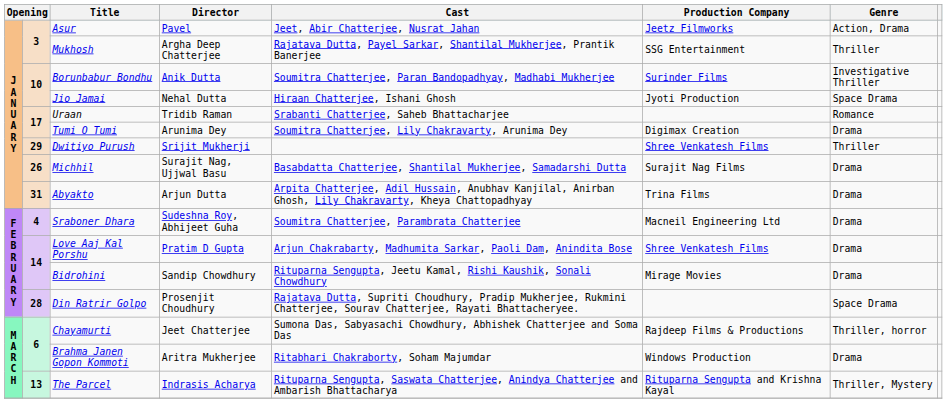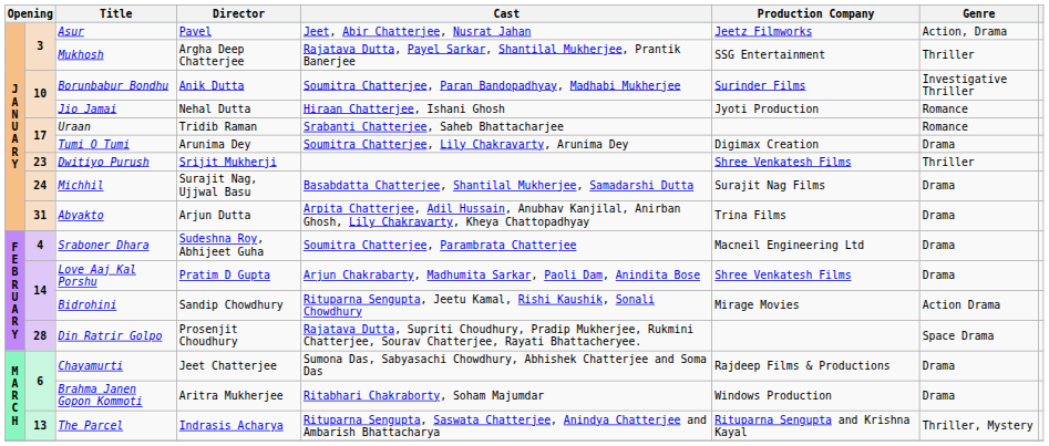 <table class="wikitable sortable">
 <tr style="background:#b0e0e6; text-align:center;">
 <th colspan="2"><strong>Opening</strong></th>
 <th><strong>Title</strong></th>
 <th><strong>Director</strong></th>
 <th><strong>Cast</strong></th>
 <th style="width:20%;"><strong>Production Company</strong></th>
 <th><strong>Genre</strong></th>
 <th><strong></strong></th>
 </tr>
 <tr January>
 <td rowspan="9" style="text-align:center; background:#f7bf87; textcolor:#000;"><strong>J<br>A<br>N<br>U<br>A<br>R<br>Y</strong></td>
 <td rowspan="2" style="text-align:center;background:#f7dfc7;"><strong>3</strong></td>
 <td><em><a href='#'>Asur</a></em></td>
 <td><a href='#'>Pavel</a></td>
 <td><a href='#'>Jeet</a>, <a href='#'>Abir Chatterjee</a>, <a href='#'>Nusrat Jahan</a></td>
 <td><a href='#'>Jeetz Filmworks</a></td>
 <td>Action, Drama</td>
 <td></td>
 </tr>
 <tr>
 <td><em><a href='#'>Mukhosh</a></em></td>
 <td>Argha Deep Chatterjee</td>
 <td><a href='#'>Rajatava Dutta</a>, <a href='#'>Payel Sarkar</a>, <a href='#'>Shantilal Mukherjee</a>, Prantik Banerjee</td>
 <td>SSG Entertainment</td>
 <td>Thriller</td>
 <td></td>
 </tr>
 <tr>
 <td rowspan="2" style="text-align:center;background:#f7dfc7;"><strong>10</strong></td>
 <td><em><a href='#'>Borunbabur Bondhu</a></em></td>
 <td><a href='#'>Anik Dutta</a></td>
 <td><a href='#'>Soumitra Chatterjee</a>, <a href='#'>Paran Bandopadhyay</a>, <a href='#'>Madhabi Mukherjee</a></td>
 <td><a href='#'>Surinder Films</a></td>
 <td>Investigative Thriller</td>
 <td></td>
 </tr>
 <tr>
 <td><em><a href='#'>Jio Jamai</a></em></td>
 <td>Nehal Dutta</td>
 <td><a href='#'>Hiraan Chatterjee</a>, Ishani Ghosh</td>
 <td>Jyoti Production</td>
-<td>Space Drama</td>
+<td>Romance</td>
 <td></td>
 </tr>
 <tr>
 <td rowspan="2" style="text-align:center;background:#f7dfc7;"><strong>17</strong></td>
 <td><em>Uraan</em></td>
 <td>Tridib Raman</td>
 <td><a href='#'>Srabanti Chatterjee</a>, Saheb Bhattacharjee</td>
 <td></td>
 <td>Romance</td>
 <td></td>
 </tr>
 <tr>
 <td><em><a href='#'>Tumi O Tumi</a></em></td>
 <td>Arunima Dey</td>
 <td><a href='#'>Soumitra Chatterjee</a>, <a href='#'>Lily Chakravarty</a>, Arunima Dey</td>
 <td>Digimax Creation</td>
 <td>Drama</td>
 <td></td>
 </tr>
 <tr>
-<td style="text-align:center;background:#f7dfc7;"><strong>29</strong></td>
+<td style="text-align:center;background:#f7dfc7;"><strong>23</strong></td>
 <td><em><a href='#'>Dwitiyo Purush</a></em></td>
 <td><a href='#'>Srijit Mukherji</a></td>
 <td></td>
 <td><a href='#'>Shree Venkatesh Films</a></td>
 <td>Thriller</td>
 <td></td>
 </tr>
 <tr>
-<td style="text-align:center;background:#f7dfc7;"><strong>26</strong></td>
+<td style="text-align:center;background:#f7dfc7;"><strong>24</strong></td>
 <td><em><a href='#'>Michhil</a></em></td>
 <td>Surajit Nag, Ujjwal Basu</td>
 <td><a href='#'>Basabdatta Chatterjee</a>, <a href='#'>Shantilal Mukherjee</a>, <a href='#'>Samadarshi Dutta</a></td>
 <td>Surajit Nag Films</td>
 <td>Drama</td>
 <td></td>
 </tr>
 <tr>
 <td style="text-align:center;background:#f7dfc7;"><strong>31</strong></td>
 <td><em><a href='#'>Abyakto</a></em></td>
 <td>Arjun Dutta</td>
 <td><a href='#'>Arpita Chatterjee</a>, <a href='#'>Adil Hussain</a>, Anubhav Kanjilal, Anirban Ghosh, <a href='#'>Lily Chakravarty</a>, Kheya Chattopadhyay</td>
 <td>Trina Films</td>
 <td>Drama</td>
 <td></td>
 </tr>
 <tr February>
 <td rowspan="4" style="text-align:center; background:#bf87f7; textcolor:#000;"><strong>F<br>E<br>B<br>R<br>U<br>A<br>R<br>Y</strong></td>
 <td style="text-align:center;background:#dfc7f7;"><strong>4</strong></td>
 <td><em><a href='#'>Sraboner Dhara</a></em></td>
 <td><a href='#'>Sudeshna Roy</a>, Abhijeet Guha</td>
 <td><a href='#'>Soumitra Chatterjee</a>, <a href='#'>Parambrata Chatterjee</a></td>
 <td>Macneil Engineering Ltd</td>
 <td>Drama</td>
 <td></td>
 </tr>
 <tr>
 <td rowspan="2" style="text-align:center;background:#dfc7f7;"><strong>14</strong></td>
 <td><em><a href='#'>Love Aaj Kal Porshu</a></em></td>
 <td><a href='#'>Pratim D Gupta</a></td>
 <td><a href='#'>Arjun Chakrabarty</a>, <a href='#'>Madhumita Sarkar</a>, <a href='#'>Paoli Dam</a>, <a href='#'>Anindita Bose</a></td>
 <td><a href='#'>Shree Venkatesh Films</a></td>
 <td>Drama</td>
 <td></td>
 </tr>
 <tr>
 <td><em><a href='#'>Bidrohini</a></em></td>
 <td>Sandip Chowdhury</td>
 <td><a href='#'>Rituparna Sengupta</a>, Jeetu Kamal, <a href='#'>Rishi Kaushik</a>, <a href='#'>Sonali Chowdhury</a></td>
 <td>Mirage Movies</td>
-<td>Drama</td>
+<td>Action Drama</td>
 <td></td>
 </tr>
 <tr>
 <td style="text-align:center;background:#dfc7f7;"><strong>28</strong></td>
 <td><em><a href='#'>Din Ratrir Golpo</a></em></td>
 <td>Prosenjit Choudhury</td>
 <td><a href='#'>Rajatava Dutta</a>, Supriti Choudhury, Pradip Mukherjee, Rukmini Chatterjee, Sourav Chatterjee, Rayati Bhattacheryee.</td>
 <td></td>
 <td>Space Drama</td>
 <td></td>
 </tr>
 <tr March>
 <td rowspan="3" style="text-align:center; background:#87f7bf; textcolor:#000;"><strong>M<br>A<br>R<br>C<br>H</strong></td>
 <td rowspan="2" style="text-align:center;background:#c7f7df;"><strong>6</strong></td>
 <td><em><a href='#'>Chayamurti</a></em></td>
 <td>Jeet Chatterjee</td>
 <td>Sumona Das, Sabyasachi Chowdhury, Abhishek Chatterjee and Soma Das</td>
 <td>Rajdeep Films & Productions</td>
-<td>Thriller, horror</td>
+<td>Drama</td>
 <td></td>
 </tr>
 <tr>
 <td><em><a href='#'>Brahma Janen Gopon Kommoti</a></em></td>
 <td>Aritra Mukherjee</td>
 <td><a href='#'>Ritabhari Chakraborty</a>, Soham Majumdar</td>
 <td>Windows Production</td>
 <td>Drama</td>
 <td></td>
 </tr>
 <tr>
 <td style="text-align:center;background:#c7f7df;"><strong>13</strong></td>
 <td><em><a href='#'>The Parcel</a></em></td>
 <td><a href='#'>Indrasis Acharya</a></td>
 <td><a href='#'>Rituparna Sengupta</a>, <a href='#'>Saswata Chatterjee</a>, <a href='#'>Anindya Chatterjee</a> and Ambarish Bhattacharya</td>
 <td><a href='#'>Rituparna Sengupta</a> and Krishna Kayal</td>
 <td>Thriller, Mystery</td>
 <td></td>
 </tr>
 <tr>
 </tr>
 </table>
